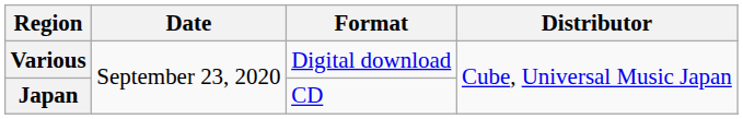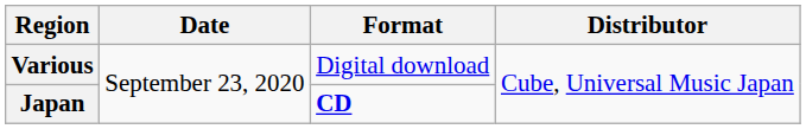 <table class="wikitable plainrowheaders">
 <tr>
 <th>Region</th>
 <th>Date</th>
 <th>Format</th>
 <th>Distributor</th>
 </tr>
 <tr>
 <th scope="row">Various</th>
 <td rowspan="3">September 23, 2020</td>
 <td rowspan="2"><a href='#'>Digital download</a></td>
 <td rowspan="3"><a href='#'>Cube</a>, <a href='#'>Universal Music Japan</a></td>
 </tr>
 <tr>
 <th scope="row" rowspan="2">Japan</th>
 </tr>
 <tr>
-<td><a href='#'>CD</a></td>
+<td><strong><a href='#'>CD</a></strong></td>
 </tr>
 </table>
